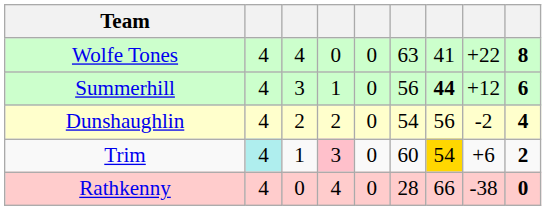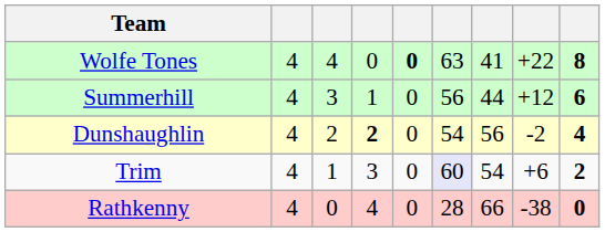 <table class="wikitable" style="text-align:center">
 <tr>
 <th style="width:175px;">Team</th>
 <th width="20"></th>
 <th width="20"></th>
 <th width="20"></th>
 <th width="20"></th>
 <th width="20"></th>
 <th width="20"></th>
 <th width="20"></th>
 <th width="20"></th>
 </tr>
 <tr style="background:#cfc;">
 <td><a href='#'>Wolfe Tones</a></td>
 <td>4</td>
 <td>4</td>
 <td>0</td>
-<td>0</td>
+<td><strong>0</strong></td>
 <td>63</td>
 <td>41</td>
 <td>+22</td>
 <td><strong>8</strong></td>
 </tr>
 <tr style="background:#cfc;">
 <td><a href='#'>Summerhill</a></td>
 <td>4</td>
 <td>3</td>
 <td>1</td>
 <td>0</td>
 <td>56</td>
-<td><strong>44</strong></td>
+<td>44</td>
 <td>+12</td>
 <td><strong>6</strong></td>
 </tr>
 <tr style="background:#ffffcc;">
 <td><a href='#'>Dunshaughlin</a></td>
 <td>4</td>
 <td>2</td>
-<td>2</td>
+<td><strong>2</strong></td>
 <td>0</td>
 <td>54</td>
 <td>56</td>
 <td>-2</td>
 <td><strong>4</strong></td>
 </tr>
 <tr>
 <td><a href='#'>Trim</a></td>
-<td style="background: paleturquoise;">4</td>
+<td>4</td>
 <td>1</td>
-<td style="background: pink;">3</td>
+<td>3</td>
 <td>0</td>
-<td>60</td>
-<td style="background: gold;">54</td>
+<td style="background: lavender;">60</td>
+<td>54</td>
 <td>+6</td>
 <td><strong>2</strong></td>
 </tr>
 <tr style="background:#fcc;">
 <td><a href='#'>Rathkenny</a></td>
 <td>4</td>
 <td>0</td>
 <td>4</td>
 <td>0</td>
 <td>28</td>
 <td>66</td>
 <td>-38</td>
 <td><strong>0</strong></td>
 </tr>
 </table>
